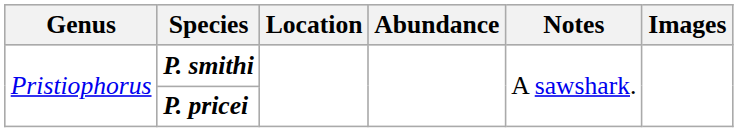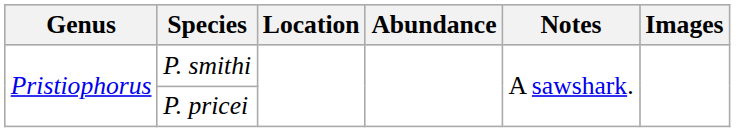 <table class="wikitable" style="background:white">
 <tr>
 <th>Genus</th>
 <th>Species</th>
 <th>Location</th>
 <th>Abundance</th>
 <th>Notes</th>
 <th>Images</th>
 </tr>
 <tr>
 <td rowspan="2"><em><a href='#'>Pristiophorus</a></em></td>
-<td><strong><em>P. smithi</em></strong></td>
+<td><em>P. smithi</em></td>
 <td rowspan="2"></td>
 <td rowspan="2"></td>
 <td rowspan="2">A <a href='#'>sawshark</a>.</td>
 <td rowspan="2"></td>
 </tr>
 <tr>
-<td><strong><em>P. pricei</em></strong></td>
+<td><em>P. pricei</em></td>
 </tr>
 </table>
